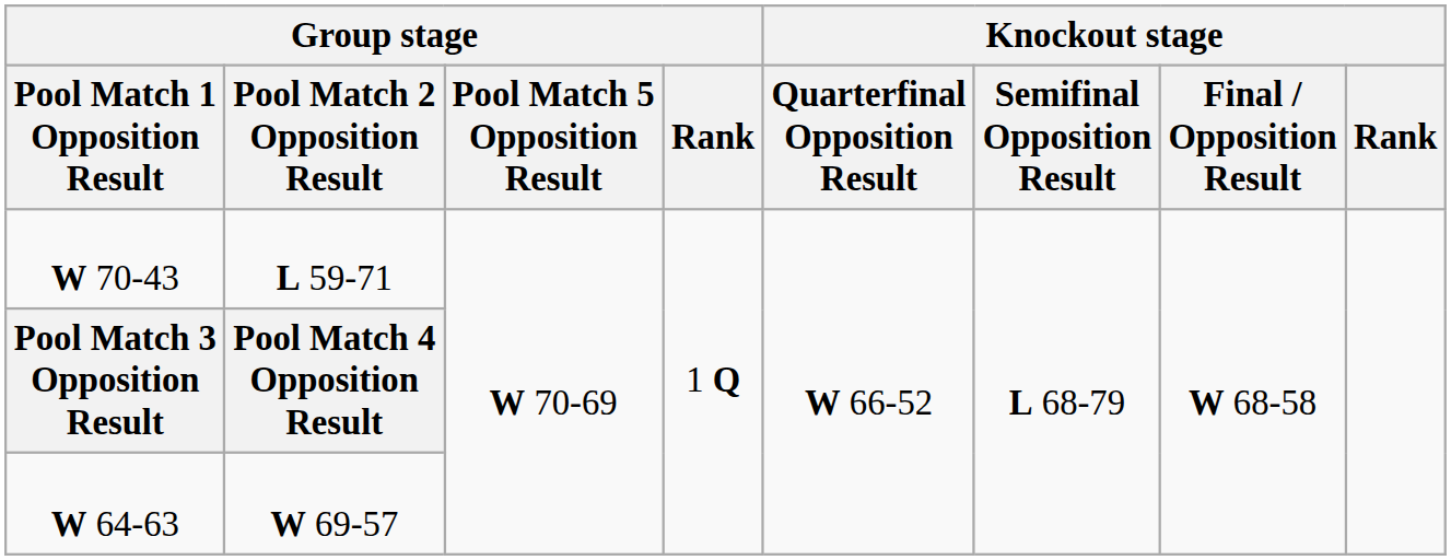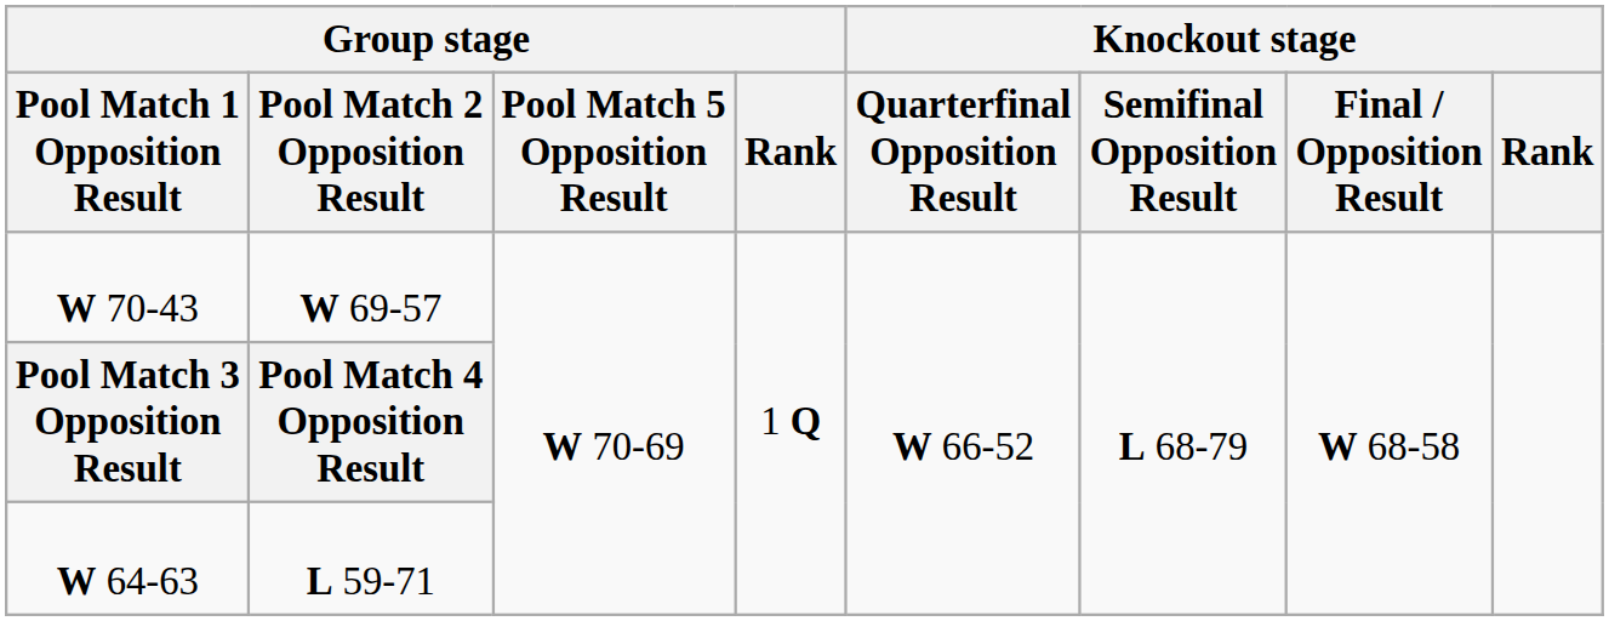 <table class=wikitable style="font-size:90%">
 <tr>
 <th colspan="4">Group stage</th>
 <th colspan="4">Knockout stage</th>
 </tr>
 <tr>
 <th>Pool Match 1<br>Opposition<br>Result</th>
 <th>Pool Match 2<br>Opposition<br>Result</th>
 <th>Pool Match 5<br>Opposition<br>Result</th>
 <th>Rank</th>
 <th>Quarterfinal<br>Opposition<br>Result</th>
 <th>Semifinal<br>Opposition<br>Result</th>
 <th>Final / <br>Opposition<br>Result</th>
 <th>Rank</th>
 </tr>
 <tr align=center>
 <td><br><strong>W</strong> 70-43</td>
-<td><br><strong>L</strong> 59-71</td>
+<td><br><strong>W</strong> 69-57</td>
 <td rowspan="3"><br><strong>W</strong> 70-69</td>
 <td rowspan="3">1 <strong>Q</strong></td>
 <td rowspan="3"><br> <strong>W</strong> 66-52</td>
 <td rowspan="3"><br> <strong>L</strong> 68-79</td>
 <td rowspan="3"><br> <strong>W</strong> 68-58</td>
 <td rowspan=3></td>
 </tr>
 <tr>
 <th>Pool Match 3<br>Opposition<br>Result</th>
 <th>Pool Match 4<br>Opposition<br>Result</th>
 </tr>
 <tr align=center>
 <td><br><strong>W</strong> 64-63</td>
-<td><br><strong>W</strong> 69-57</td>
+<td><br><strong>L</strong> 59-71</td>
 </tr>
 </table>
